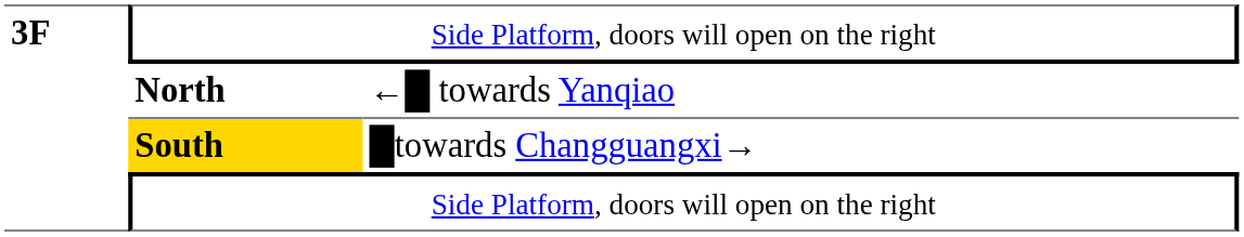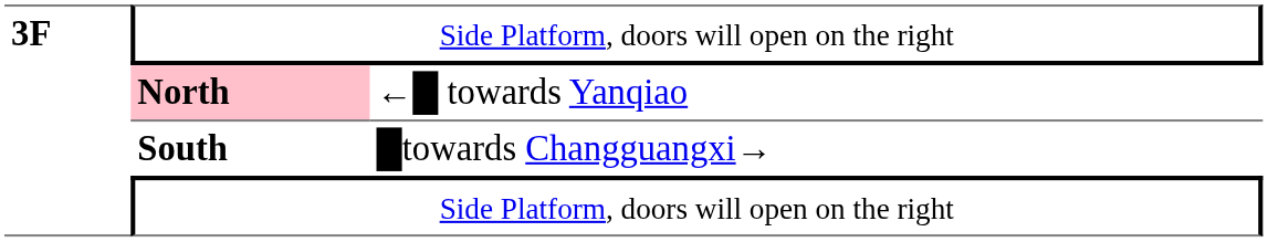 <table table border=0 cellspacing=0 cellpadding=3>
 <tr>
 <td style="border-top:solid 1px gray;border-bottom:solid 1px gray;" width=50 rowspan=4 valign=top><strong>3F</strong></td>
 <td style="border-right:solid 2px black;border-left:solid 2px black;border-bottom:solid 2px black;border-top:solid 1px gray;text-align:center;" colspan=2><small><a href='#'>Side Platform</a>, doors will open on the right</small></td>
 </tr>
 <tr>
-<td style="border-bottom:solid 1px gray;" width=100><strong>North</strong></td>
+<td style="background: pink; border-bottom:solid 1px gray;" width=100><strong>North</strong></td>
 <td style="border-bottom:solid 1px gray;" width=390>←<span>█</span>  towards <a href='#'>Yanqiao</a></td>
 </tr>
 <tr>
-<td style="background: gold;"><strong>South</strong></td>
+<td><strong>South</strong></td>
 <td><span>█</span>towards <a href='#'>Changguangxi</a>→</td>
 </tr>
 <tr>
 <td style="border-top:solid 2px black;border-right:solid 2px black;border-left:solid 2px black;border-bottom:solid 1px gray;text-align:center;" colspan=2><small><a href='#'>Side Platform</a>, doors will open on the right</small></td>
 </tr>
 </table>
